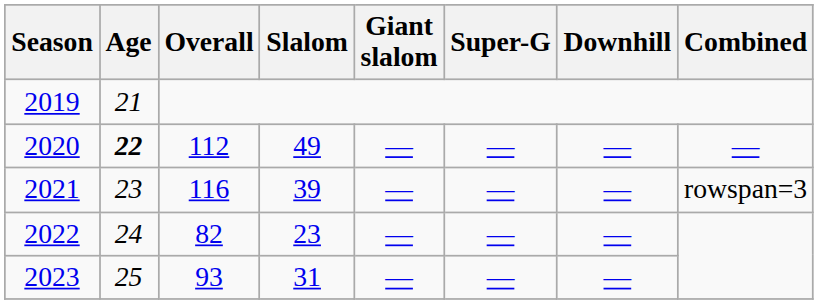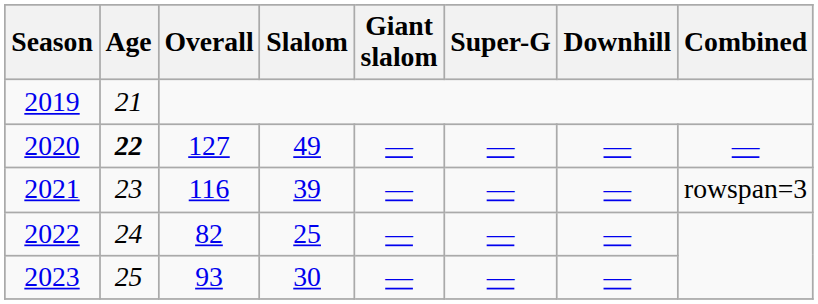 <table class=wikitable style="text-align:center">
 <tr>
 <th>Season</th>
 <th>Age</th>
 <th>Overall</th>
 <th>Slalom</th>
 <th>Giant<br>slalom</th>
 <th>Super-G</th>
 <th>Downhill</th>
 <th>Combined</th>
 </tr>
 <tr>
 <td><a href='#'>2019</a></td>
 <td><em>21</em></td>
 <td colspan=6><em></em></td>
 </tr>
 <tr>
 <td><a href='#'>2020</a></td>
 <td><strong><em>22</em></strong></td>
-<td><a href='#'>112</a></td>
+<td><a href='#'>127</a></td>
 <td><a href='#'>49</a></td>
 <td><a href='#'>—</a></td>
 <td><a href='#'>—</a></td>
 <td><a href='#'>—</a></td>
 <td><a href='#'>—</a></td>
 </tr>
 <tr>
 <td><a href='#'>2021</a></td>
 <td><em>23</em></td>
 <td><a href='#'>116</a></td>
 <td><a href='#'>39</a></td>
 <td><a href='#'>—</a></td>
 <td><a href='#'>—</a></td>
 <td><a href='#'>—</a></td>
 <td>rowspan=3 </td>
 </tr>
 <tr>
 <td><a href='#'>2022</a></td>
 <td><em>24</em></td>
 <td><a href='#'>82</a></td>
-<td><a href='#'>23</a></td>
+<td><a href='#'>25</a></td>
 <td><a href='#'>—</a></td>
 <td><a href='#'>—</a></td>
 <td><a href='#'>—</a></td>
 </tr>
 <tr>
 <td><a href='#'>2023</a></td>
 <td><em>25</em></td>
 <td><a href='#'>93</a></td>
-<td><a href='#'>31</a></td>
+<td><a href='#'>30</a></td>
 <td><a href='#'>—</a></td>
 <td><a href='#'>—</a></td>
 <td><a href='#'>—</a></td>
 </tr>
 </table>
